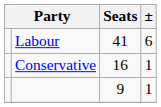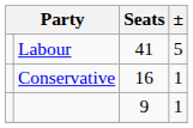 <table class="sortable wikitable">
 <tr>
 <th colspan="2">Party</th>
 <th>Seats</th>
 <th>±</th>
 </tr>
 <tr>
 <td style="background-color: "></td>
 <td><a href='#'>Labour</a></td>
 <td align="center">41</td>
-<td align="center">6</td>
+<td align="center">5</td>
 </tr>
 <tr>
 <td style="background-color: "></td>
 <td><a href='#'>Conservative</a></td>
 <td align="center">16</td>
 <td align="center">1</td>
 </tr>
 <tr>
 <td style="background-color: "></td>
 <td><a href='#'></a></td>
 <td align="center">9</td>
 <td align="center">1</td>
 </tr>
 <tr>
 </tr>
 </table>
